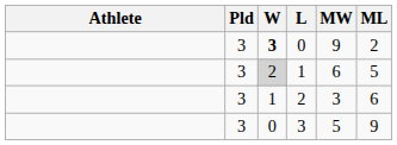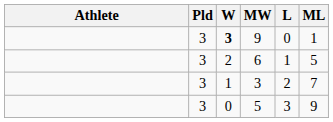 <table class="wikitable" style="text-align:center">
 <tr>
 <th width=200>Athlete</th>
 <th width=20>Pld</th>
 <th width=20>W</th>
+<th width=20>MW</th>
 <th width=20>L</th>
-<th width=20>MW</th>
 <th width=20>ML</th>
 </tr>
 <tr>
 <td style="text-align:left"></td>
 <td>3</td>
 <td><strong>3</strong></td>
+<td>9</td>
 <td>0</td>
-<td>9</td>
-<td>2</td>
+<td>1</td>
 </tr>
 <tr>
 <td style="text-align:left"></td>
 <td>3</td>
-<td style="background: lightgrey;">2</td>
+<td>2</td>
+<td>6</td>
 <td>1</td>
-<td>6</td>
 <td>5</td>
 </tr>
 <tr>
 <td style="text-align:left"></td>
 <td>3</td>
 <td>1</td>
+<td>3</td>
 <td>2</td>
-<td>3</td>
-<td>6</td>
+<td>7</td>
 </tr>
 <tr>
 <td style="text-align:left"></td>
 <td>3</td>
 <td>0</td>
+<td>5</td>
 <td>3</td>
-<td>5</td>
 <td>9</td>
 </tr>
 </table>
